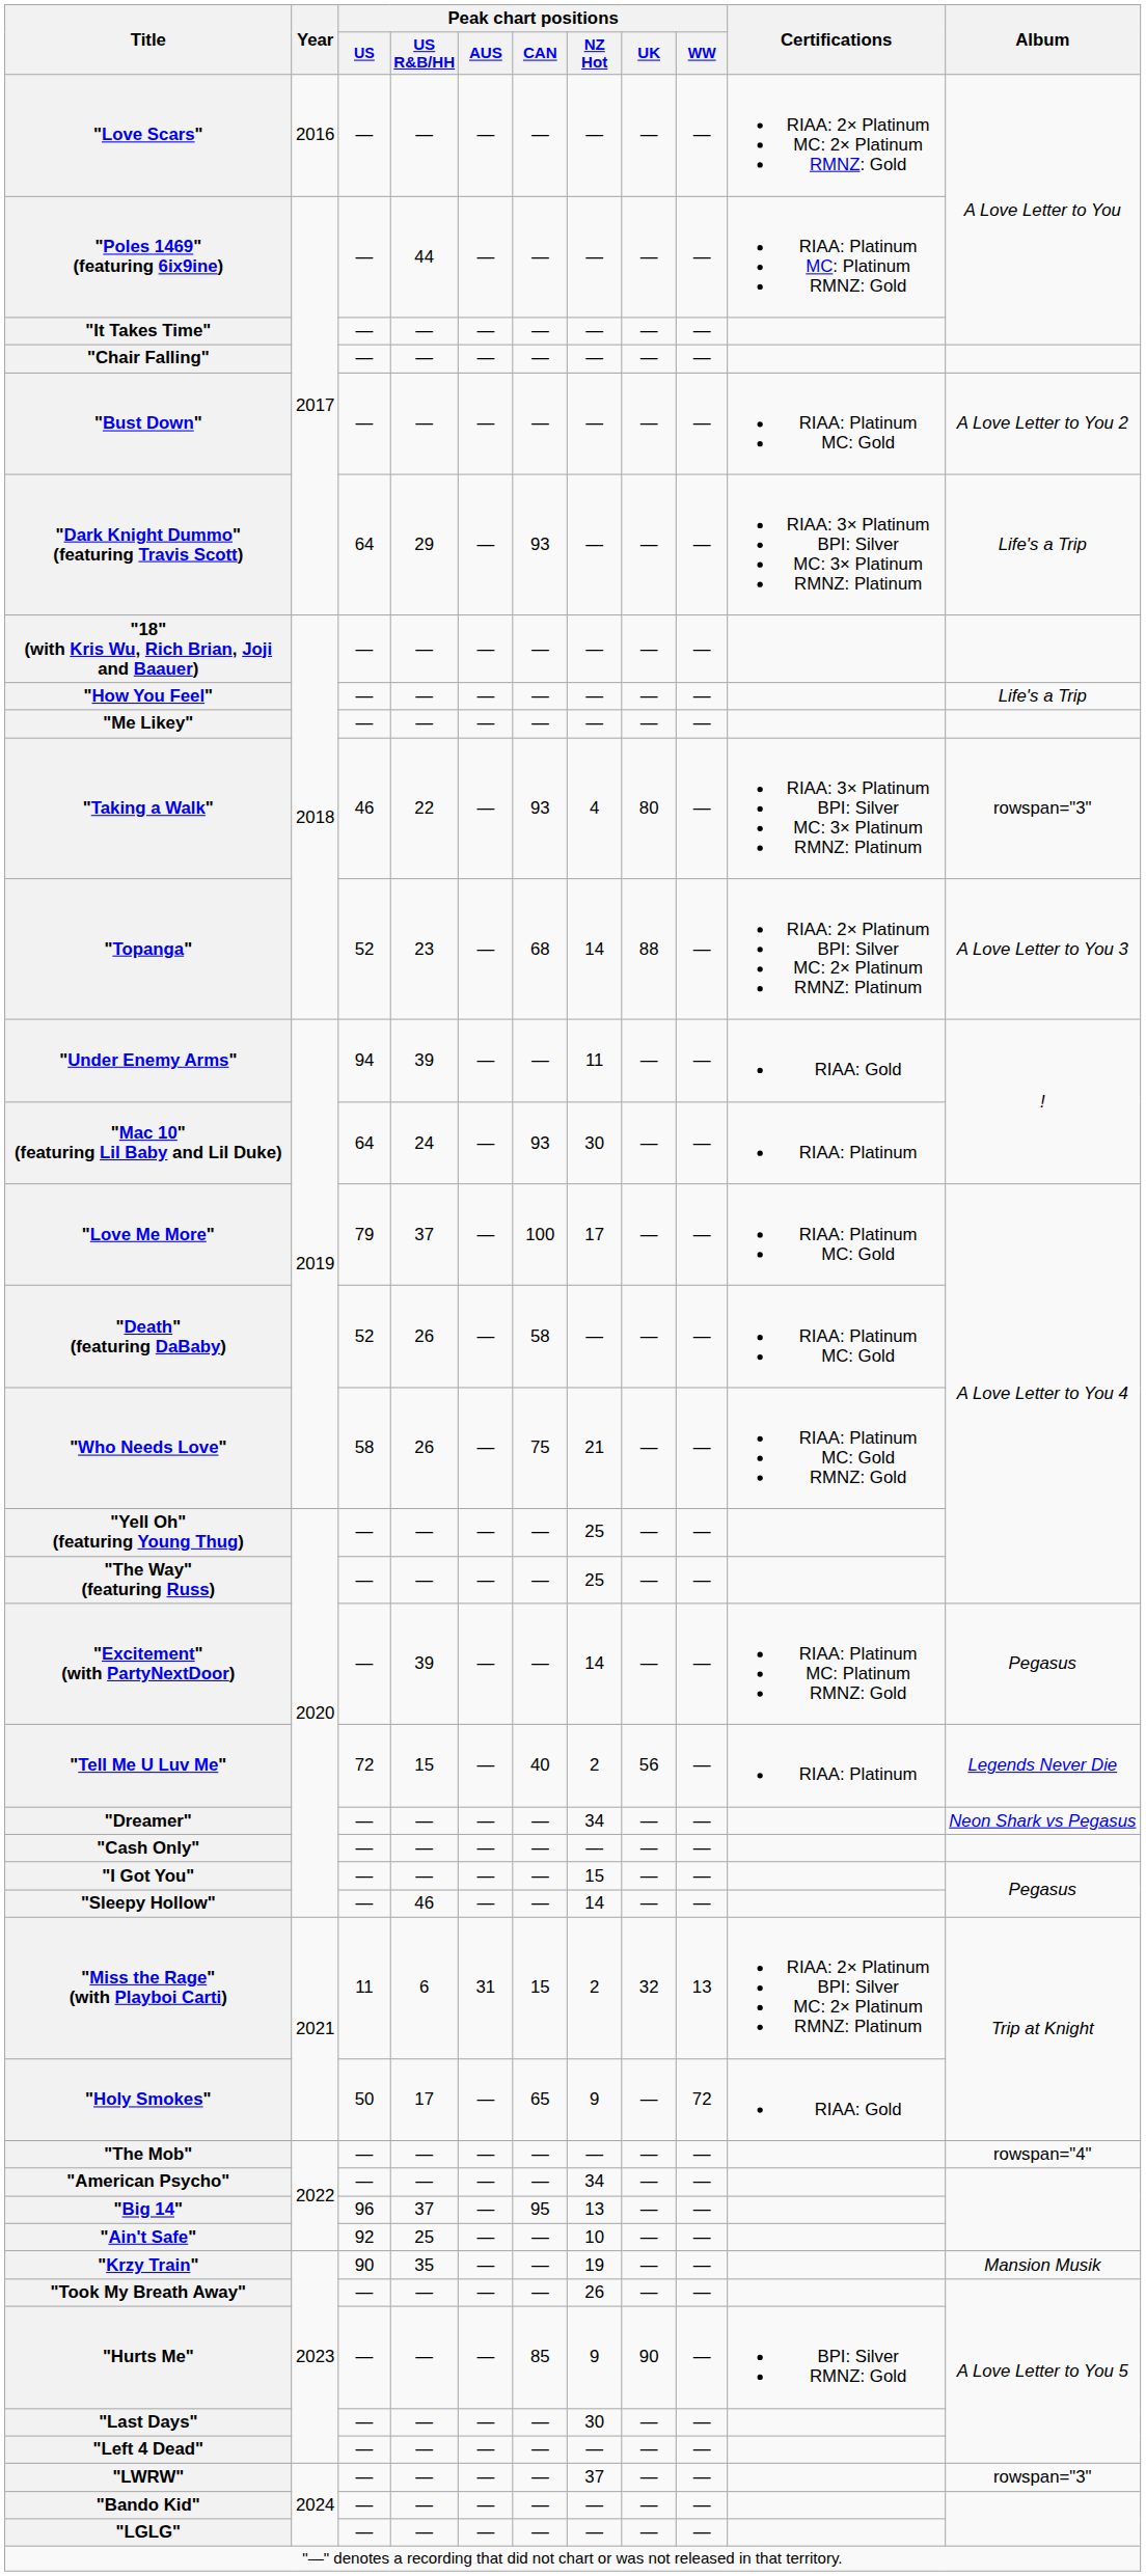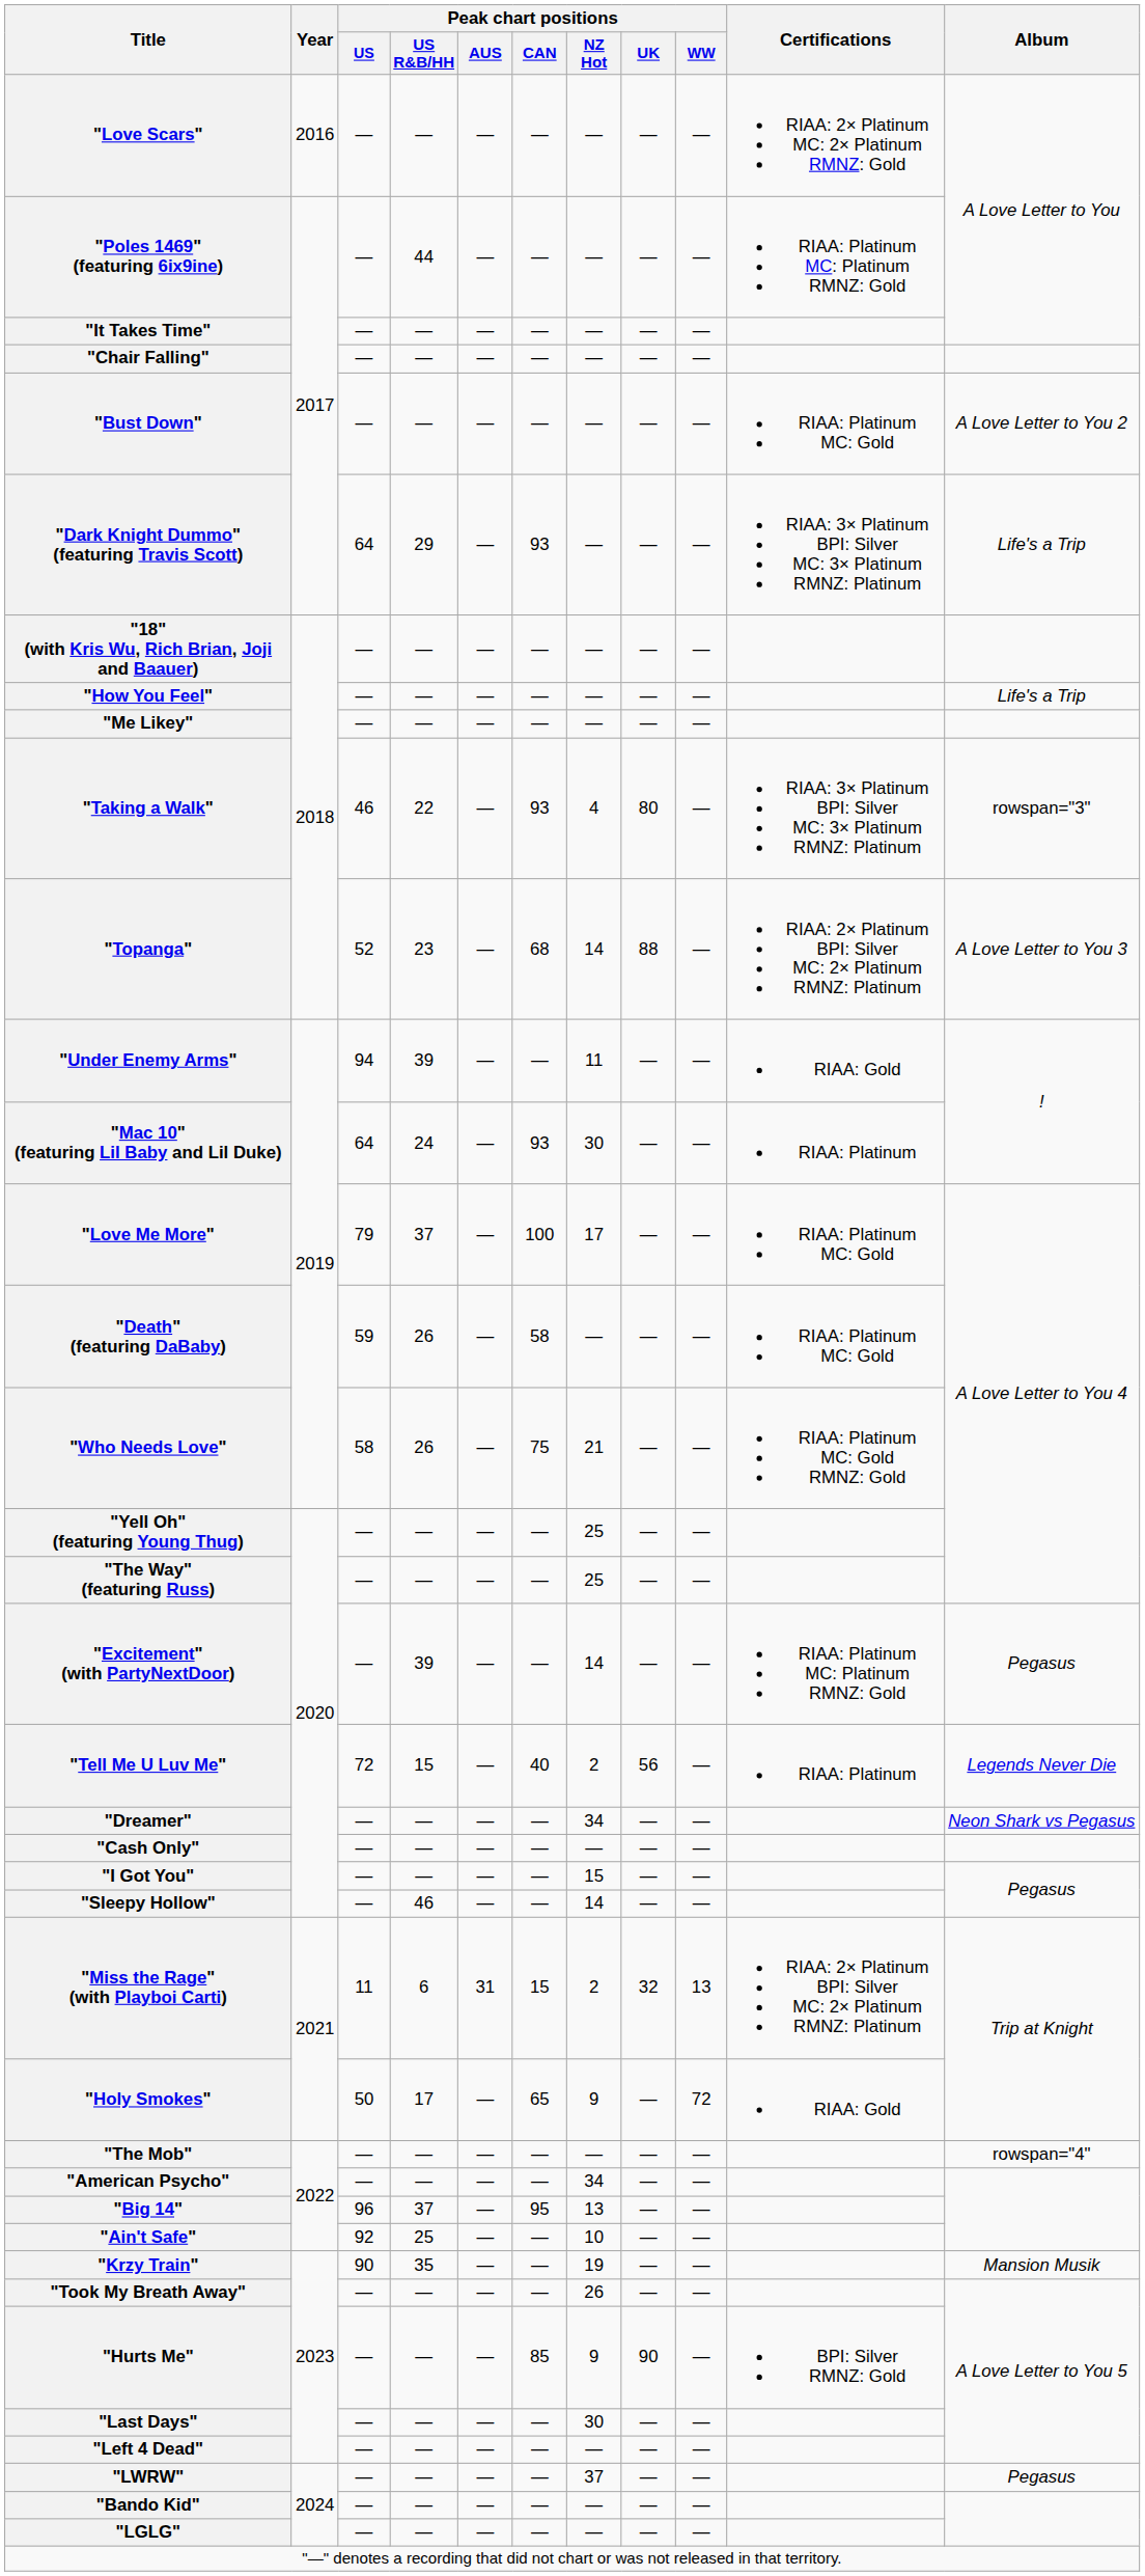 <table class="wikitable plainrowheaders" style="text-align:center;">
 <tr>
 <th scope="col" rowspan="2" style="width:16em;">Title</th>
 <th scope="col" rowspan="2" style="width:1em;">Year</th>
 <th scope="col" colspan="7">Peak chart positions</th>
 <th rowspan="2" style="width:12em;">Certifications</th>
 <th scope="col" rowspan="2">Album</th>
 </tr>
 <tr>
 <th scope="col" style="width:3em;font-size:85%;"><a href='#'>US</a><br></th>
 <th scope="col" style="width:3em;font-size:90%;"><a href='#'>US<br>R&B/HH</a><br></th>
 <th scope="col" style="width:3em;font-size:90%;"><a href='#'>AUS</a><br></th>
 <th scope="col" style="width:3em;font-size:90%;"><a href='#'>CAN</a><br></th>
 <th scope="col" style="width:3em;font-size:90%;"><a href='#'>NZ<br>Hot</a><br></th>
 <th scope="col" style="width:3em;font-size:90%;"><a href='#'>UK</a><br></th>
 <th scope="col" style="width:3em;font-size:85%;"><a href='#'>WW</a><br></th>
 </tr>
 <tr>
 <th scope="row">"<a href='#'>Love Scars</a>"</th>
 <td>2016</td>
 <td>—</td>
 <td>—</td>
 <td>—</td>
 <td>—</td>
 <td>—</td>
 <td>—</td>
 <td>—</td>
 <td><br><ul><li>RIAA: 2× Platinum</li><li>MC: 2× Platinum</li><li><a href='#'>RMNZ</a>: Gold</li></ul></td>
 <td rowspan="3"><em>A Love Letter to You</em></td>
 </tr>
 <tr>
 <th scope="row">"<a href='#'>Poles 1469</a>"<br><span>(featuring <a href='#'>6ix9ine</a>)</span></th>
 <td rowspan="5">2017</td>
 <td>—</td>
 <td>44</td>
 <td>—</td>
 <td>—</td>
 <td>—</td>
 <td>—</td>
 <td>—</td>
 <td><br><ul><li>RIAA: Platinum</li><li><a href='#'>MC</a>: Platinum</li><li>RMNZ: Gold</li></ul></td>
 </tr>
 <tr>
 <th scope="row">"It Takes Time"</th>
 <td>—</td>
 <td>—</td>
 <td>—</td>
 <td>—</td>
 <td>—</td>
 <td>—</td>
 <td>—</td>
 <td></td>
 </tr>
 <tr>
 <th scope="row">"Chair Falling"</th>
 <td>—</td>
 <td>—</td>
 <td>—</td>
 <td>—</td>
 <td>—</td>
 <td>—</td>
 <td>—</td>
 <td></td>
 <td></td>
 </tr>
 <tr>
 <th scope="row">"<a href='#'>Bust Down</a>"</th>
 <td>—</td>
 <td>—</td>
 <td>—</td>
 <td>—</td>
 <td>—</td>
 <td>—</td>
 <td>—</td>
 <td><br><ul><li>RIAA: Platinum</li><li>MC: Gold</li></ul></td>
 <td><em>A Love Letter to You 2</em></td>
 </tr>
 <tr>
 <th scope="row">"<a href='#'>Dark Knight Dummo</a>"<br><span>(featuring <a href='#'>Travis Scott</a>)</span></th>
 <td>64</td>
 <td>29</td>
 <td>—</td>
 <td>93</td>
 <td>—</td>
 <td>—</td>
 <td>—</td>
 <td><br><ul><li>RIAA: 3× Platinum</li><li>BPI: Silver</li><li>MC: 3× Platinum</li><li>RMNZ: Platinum</li></ul></td>
 <td><em>Life's a Trip</em></td>
 </tr>
 <tr>
 <th scope="row">"18"<br><span>(with <a href='#'>Kris Wu</a>, <a href='#'>Rich Brian</a>, <a href='#'>Joji</a> and <a href='#'>Baauer</a>)</span></th>
 <td rowspan="5">2018</td>
 <td>—</td>
 <td>—</td>
 <td>—</td>
 <td>—</td>
 <td>—</td>
 <td>—</td>
 <td>—</td>
 <td></td>
 <td></td>
 </tr>
 <tr>
 <th scope="row">"<a href='#'>How You Feel</a>"</th>
 <td>—</td>
 <td>—</td>
 <td>—</td>
 <td>—</td>
 <td>—</td>
 <td>—</td>
 <td>—</td>
 <td></td>
 <td><em>Life's a Trip</em></td>
 </tr>
 <tr>
 <th scope="row">"Me Likey"</th>
 <td>—</td>
 <td>—</td>
 <td>—</td>
 <td>—</td>
 <td>—</td>
 <td>—</td>
 <td>—</td>
 <td></td>
 <td></td>
 </tr>
 <tr>
 <th scope="row">"<a href='#'>Taking a Walk</a>"</th>
 <td>46</td>
 <td>22</td>
 <td>—</td>
 <td>93</td>
 <td>4</td>
 <td>80</td>
 <td>—</td>
 <td><br><ul><li>RIAA: 3× Platinum</li><li>BPI: Silver</li><li>MC: 3× Platinum</li><li>RMNZ: Platinum</li></ul></td>
 <td>rowspan="3" </td>
 </tr>
 <tr>
 <th scope="row">"<a href='#'>Topanga</a>"</th>
 <td>52</td>
 <td>23</td>
 <td>—</td>
 <td>68</td>
 <td>14</td>
 <td>88</td>
 <td>—</td>
 <td><br><ul><li>RIAA: 2× Platinum</li><li>BPI: Silver</li><li>MC: 2× Platinum</li><li>RMNZ: Platinum</li></ul></td>
 <td><em>A Love Letter to You 3</em></td>
 </tr>
 <tr>
 <th scope="row">"<a href='#'>Under Enemy Arms</a>"</th>
 <td rowspan="5">2019</td>
 <td>94</td>
 <td>39</td>
 <td>—</td>
 <td>—</td>
 <td>11</td>
 <td>—</td>
 <td>—</td>
 <td><br><ul><li>RIAA: Gold</li></ul></td>
 <td rowspan="2"><em>!</em></td>
 </tr>
 <tr>
 <th scope="row">"<a href='#'>Mac 10</a>"<br><span>(featuring <a href='#'>Lil Baby</a> and Lil Duke)</span></th>
 <td>64</td>
 <td>24</td>
 <td>—</td>
 <td>93</td>
 <td>30</td>
 <td>—</td>
 <td>—</td>
 <td><br><ul><li>RIAA: Platinum</li></ul></td>
 </tr>
 <tr>
 <th scope="row">"<a href='#'>Love Me More</a>"</th>
 <td>79</td>
 <td>37</td>
 <td>—</td>
 <td>100</td>
 <td>17</td>
 <td>—</td>
 <td>—</td>
 <td><br><ul><li>RIAA: Platinum</li><li>MC: Gold</li></ul></td>
 <td rowspan="5"><em>A Love Letter to You 4</em></td>
 </tr>
 <tr>
 <th scope="row">"<a href='#'>Death</a>"<br><span>(featuring <a href='#'>DaBaby</a>)</span></th>
-<td>52</td>
+<td>59</td>
 <td>26</td>
 <td>—</td>
 <td>58</td>
 <td>—</td>
 <td>—</td>
 <td>—</td>
 <td><br><ul><li>RIAA: Platinum</li><li>MC: Gold</li></ul></td>
 </tr>
 <tr>
 <th scope="row">"<a href='#'>Who Needs Love</a>"</th>
 <td>58</td>
 <td>26</td>
 <td>—</td>
 <td>75</td>
 <td>21</td>
 <td>—</td>
 <td>—</td>
 <td><br><ul><li>RIAA: Platinum</li><li>MC: Gold</li><li>RMNZ: Gold</li></ul></td>
 </tr>
 <tr>
 <th scope="row">"Yell Oh"<br><span>(featuring <a href='#'>Young Thug</a>)</span></th>
 <td rowspan="8">2020</td>
 <td>—</td>
 <td>—</td>
 <td>—</td>
 <td>—</td>
 <td>25</td>
 <td>—</td>
 <td>—</td>
 <td></td>
 </tr>
 <tr>
 <th scope="row">"The Way"<br><span>(featuring <a href='#'>Russ</a>)</span></th>
 <td>—</td>
 <td>—</td>
 <td>—</td>
 <td>—</td>
 <td>25</td>
 <td>—</td>
 <td>—</td>
 <td></td>
 </tr>
 <tr>
 <th scope="row">"<a href='#'>Excitement</a>"<br><span>(with <a href='#'>PartyNextDoor</a>)</span></th>
 <td>—</td>
 <td>39</td>
 <td>—</td>
 <td>—</td>
 <td>14</td>
 <td>—</td>
 <td>—</td>
 <td><br><ul><li>RIAA: Platinum</li><li>MC: Platinum</li><li>RMNZ: Gold</li></ul></td>
 <td><em>Pegasus</em></td>
 </tr>
 <tr>
 <th scope="row">"<a href='#'>Tell Me U Luv Me</a>"<br></th>
 <td>72</td>
 <td>15</td>
 <td>—</td>
 <td>40</td>
 <td>2</td>
 <td>56</td>
 <td>—</td>
 <td><br><ul><li>RIAA: Platinum</li></ul></td>
 <td><em><a href='#'>Legends Never Die</a></em></td>
 </tr>
 <tr>
 <th scope="row">"Dreamer"</th>
 <td>—</td>
 <td>—</td>
 <td>—</td>
 <td>—</td>
 <td>34</td>
 <td>—</td>
 <td>—</td>
 <td></td>
 <td><em><a href='#'>Neon Shark vs Pegasus</a></em></td>
 </tr>
 <tr>
 <th scope="row">"Cash Only"<br></th>
 <td>—</td>
 <td>—</td>
 <td>—</td>
 <td>—</td>
 <td>—</td>
 <td>—</td>
 <td>—</td>
 <td></td>
 <td></td>
 </tr>
 <tr>
 <th scope="row">"I Got You"<br></th>
 <td>—</td>
 <td>—</td>
 <td>—</td>
 <td>—</td>
 <td>15</td>
 <td>—</td>
 <td>—</td>
 <td></td>
 <td rowspan="2"><em>Pegasus</em></td>
 </tr>
 <tr>
 <th scope="row">"Sleepy Hollow"</th>
 <td>—</td>
 <td>46</td>
 <td>—</td>
 <td>—</td>
 <td>14</td>
 <td>—</td>
 <td>—</td>
 <td></td>
 </tr>
 <tr>
 <th scope="row">"<a href='#'>Miss the Rage</a>"<br><span>(with <a href='#'>Playboi Carti</a>)</span></th>
 <td rowspan="2">2021</td>
 <td>11</td>
 <td>6</td>
 <td>31</td>
 <td>15</td>
 <td>2</td>
 <td>32</td>
 <td>13</td>
 <td><br><ul><li>RIAA: 2× Platinum</li><li>BPI: Silver</li><li>MC: 2× Platinum</li><li>RMNZ: Platinum</li></ul></td>
 <td rowspan="2"><em>Trip at Knight</em></td>
 </tr>
 <tr>
 <th scope="row">"<a href='#'>Holy Smokes</a>"<br></th>
 <td>50</td>
 <td>17</td>
 <td>—</td>
 <td>65</td>
 <td>9</td>
 <td>—</td>
 <td>72</td>
 <td><br><ul><li>RIAA: Gold</li></ul></td>
 </tr>
 <tr>
 <th scope="row">"The Mob"<br></th>
 <td rowspan="4">2022</td>
 <td>—</td>
 <td>—</td>
 <td>—</td>
 <td>—</td>
 <td>—</td>
 <td>—</td>
 <td>—</td>
 <td></td>
 <td>rowspan="4" </td>
 </tr>
 <tr>
 <th scope="row">"American Psycho"<br></th>
 <td>—</td>
 <td>—</td>
 <td>—</td>
 <td>—</td>
 <td>34</td>
 <td>—</td>
 <td>—</td>
 <td></td>
 </tr>
 <tr>
 <th scope="row">"<a href='#'>Big 14</a>"<br></th>
 <td>96</td>
 <td>37</td>
 <td>—</td>
 <td>95</td>
 <td>13</td>
 <td>—</td>
 <td>—</td>
 <td></td>
 </tr>
 <tr>
 <th scope="row">"<a href='#'>Ain't Safe</a>"<br></th>
 <td>92</td>
 <td>25</td>
 <td>—</td>
 <td>—</td>
 <td>10</td>
 <td>—</td>
 <td>—</td>
 <td></td>
 </tr>
 <tr>
 <th scope="row">"<a href='#'>Krzy Train</a>"<br></th>
 <td rowspan="5">2023</td>
 <td>90</td>
 <td>35</td>
 <td>—</td>
 <td>—</td>
 <td>19</td>
 <td>—</td>
 <td>—</td>
 <td></td>
 <td><em>Mansion Musik</em></td>
 </tr>
 <tr>
 <th scope="row">"Took My Breath Away"<br></th>
 <td>—</td>
 <td>—</td>
 <td>—</td>
 <td>—</td>
 <td>26</td>
 <td>—</td>
 <td>—</td>
 <td></td>
 <td rowspan="4"><em>A Love Letter to You 5</em></td>
 </tr>
 <tr>
 <th scope="row">"Hurts Me"<br></th>
 <td>—</td>
 <td>—</td>
 <td>—</td>
 <td>85</td>
 <td>9</td>
 <td>90</td>
 <td>—</td>
 <td><br><ul><li>BPI: Silver</li><li>RMNZ: Gold</li></ul></td>
 </tr>
 <tr>
 <th scope="row">"Last Days"</th>
 <td>—</td>
 <td>—</td>
 <td>—</td>
 <td>—</td>
 <td>30</td>
 <td>—</td>
 <td>—</td>
 <td></td>
 </tr>
 <tr>
 <th scope="row">"Left 4 Dead"</th>
 <td>—</td>
 <td>—</td>
 <td>—</td>
 <td>—</td>
 <td>—</td>
 <td>—</td>
 <td>—</td>
 <td></td>
 </tr>
 <tr>
 <th scope="row">"LWRW"</th>
 <td rowspan="3">2024</td>
 <td>—</td>
 <td>—</td>
 <td>—</td>
 <td>—</td>
 <td>37</td>
 <td>—</td>
 <td>—</td>
 <td></td>
-<td>rowspan="3" </td>
+<td><em>Pegasus</em></td>
 </tr>
 <tr>
 <th scope="row">"Bando Kid"</th>
 <td>—</td>
 <td>—</td>
 <td>—</td>
 <td>—</td>
 <td>—</td>
 <td>—</td>
 <td>—</td>
 <td></td>
 </tr>
 <tr>
 <th scope="row">"LGLG"</th>
 <td>—</td>
 <td>—</td>
 <td>—</td>
 <td>—</td>
 <td>—</td>
 <td>—</td>
 <td>—</td>
 <td></td>
 </tr>
 <tr>
 <td colspan="14" style="font-size:90%">"—" denotes a recording that did not chart or was not released in that territory.</td>
 </tr>
 </table>
